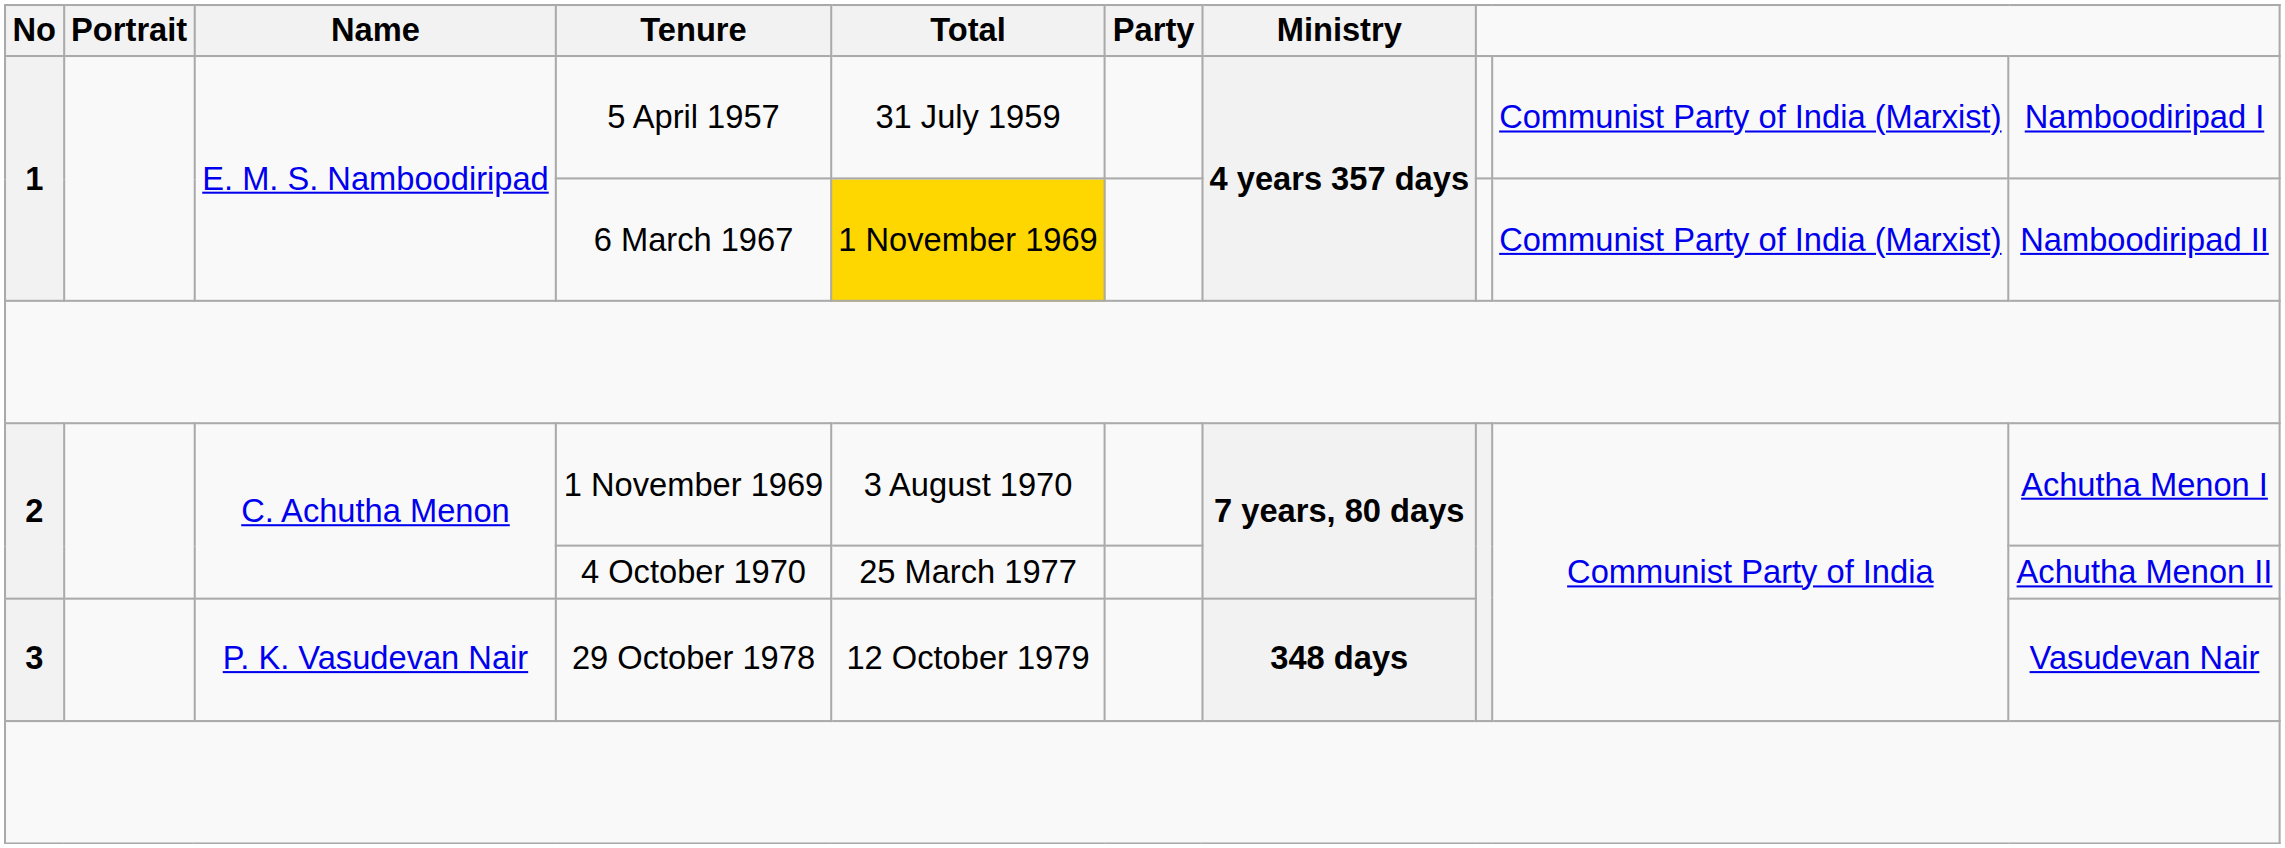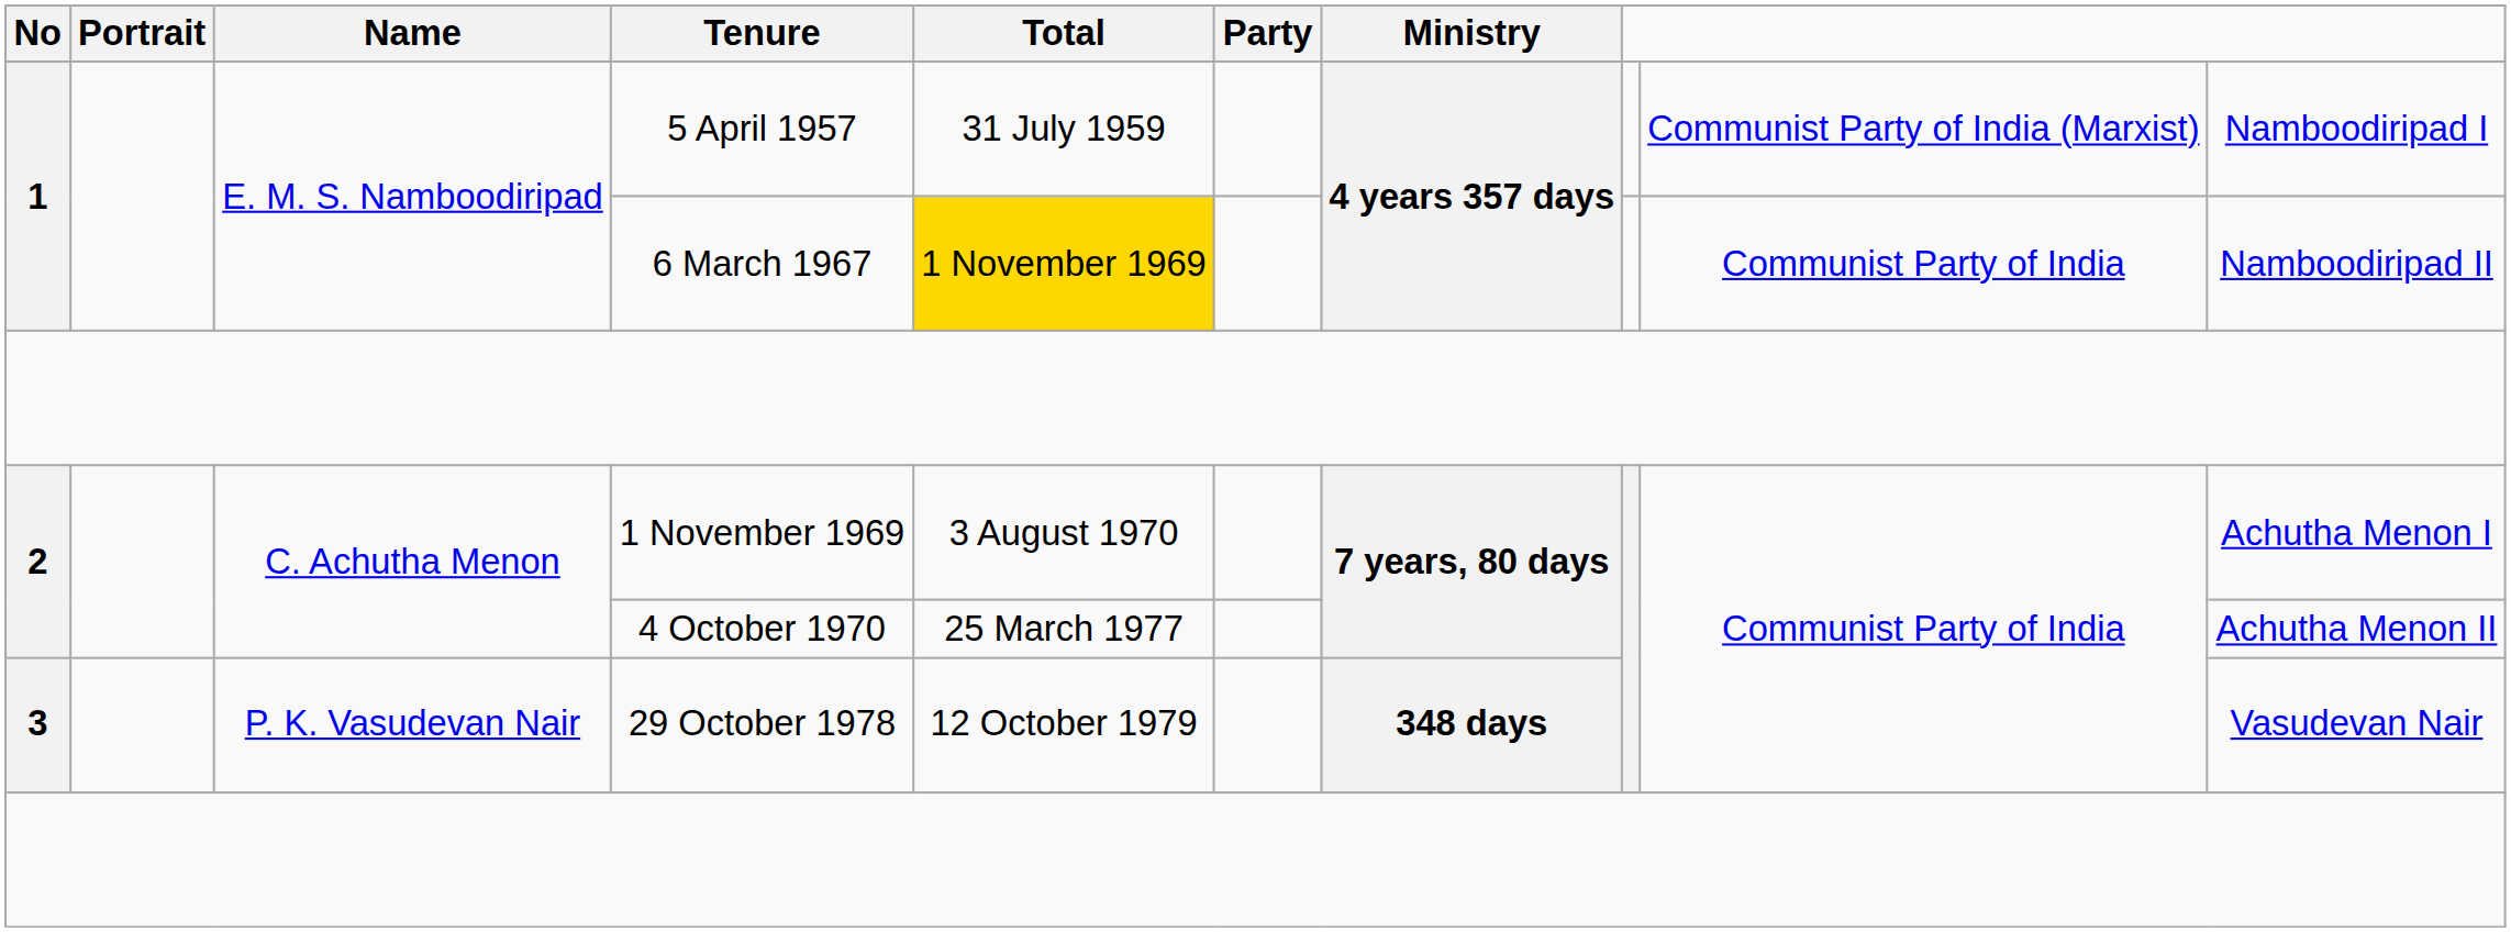 <table class="sortable wikitable"style="text-align:center;"style="font-size: 90%">
 <tr>
 <th Style="background-color:">No</th>
 <th Style="background-color:">Portrait</th>
 <th Style="background-color:">Name</th>
 <th Style="background-color:">Tenure</th>
 <th Style="background-color:">Total</th>
 <th Style="background-color:">Party<small></small></th>
 <th Style="background-color:">Ministry</th>
 </tr>
 <tr style="height: 60px;">
 <th rowspan=2>1</th>
 <td rowspan=2></td>
 <td rowspan=2><a href='#'>E. M. S. Namboodiripad</a><br></td>
 <td>5 April 1957</td>
 <td>31 July 1959</td>
 <td></td>
 <th rowspan=2>4 years 357 days</th>
 <td style="background-color: "></td>
 <td><a href='#'>Communist Party of India (Marxist)</a></td>
 <td><a href='#'>Namboodiripad I</a></td>
 </tr>
 <tr style="height: 60px;">
 <td>6 March 1967</td>
 <td style="background: gold;">1 November 1969</td>
 <td></td>
 <td style="background-color: "></td>
-<td><a href='#'>Communist Party of India (Marxist)</a></td>
+<td><a href='#'>Communist Party of India</a></td>
 <td><a href='#'>Namboodiripad II</a></td>
 </tr>
 <tr style="height: 60px;">
 </tr>
 <tr style="height: 60px;">
 <th rowspan=2>2</th>
 <td rowspan=2></td>
 <td rowspan=2><a href='#'>C. Achutha Menon</a><br></td>
 <td>1 November 1969</td>
 <td>3 August 1970</td>
 <td></td>
 <th rowspan=2>7 years, 80 days</th>
 <th rowspan=3 style="background-color: "></th>
 <td rowspan=3><a href='#'>Communist Party of India</a></td>
 <td><a href='#'>Achutha Menon I</a></td>
 </tr>
 <tr>
 <td>4 October 1970</td>
 <td>25 March 1977</td>
 <td></td>
 <td><a href='#'>Achutha Menon II</a></td>
 </tr>
 <tr style="height: 60px;">
 <th>3</th>
 <td></td>
 <td><a href='#'>P. K. Vasudevan Nair</a><br></td>
 <td>29 October 1978</td>
 <td>12 October 1979</td>
 <td></td>
 <th>348 days</th>
 <td><a href='#'>Vasudevan Nair</a></td>
 </tr>
 <tr style="height: 60px;">
 </tr>
 </table>
